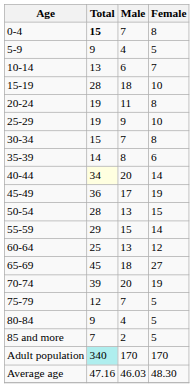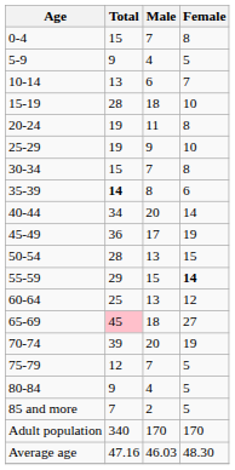 <table class="wikitable sortable mw-collapsible mw-collapsed">
 <tr>
 <th>Age</th>
 <th>Total</th>
 <th>Male</th>
 <th>Female</th>
 </tr>
 <tr>
 <td>0-4</td>
-<td><strong>15</strong></td>
+<td>15</td>
 <td>7</td>
 <td>8</td>
 </tr>
 <tr>
 <td>5-9</td>
 <td>9</td>
 <td>4</td>
 <td>5</td>
 </tr>
 <tr>
 <td>10-14</td>
 <td>13</td>
 <td>6</td>
 <td>7</td>
 </tr>
 <tr>
 <td>15-19</td>
 <td>28</td>
 <td>18</td>
 <td>10</td>
 </tr>
 <tr>
 <td>20-24</td>
 <td>19</td>
 <td>11</td>
 <td>8</td>
 </tr>
 <tr>
 <td>25-29</td>
 <td>19</td>
 <td>9</td>
 <td>10</td>
 </tr>
 <tr>
 <td>30-34</td>
 <td>15</td>
 <td>7</td>
 <td>8</td>
 </tr>
 <tr>
 <td>35-39</td>
-<td>14</td>
+<td><strong>14</strong></td>
 <td>8</td>
 <td>6</td>
 </tr>
 <tr>
 <td>40-44</td>
-<td style="background: lightyellow;">34</td>
+<td>34</td>
 <td>20</td>
 <td>14</td>
 </tr>
 <tr>
 <td>45-49</td>
 <td>36</td>
 <td>17</td>
 <td>19</td>
 </tr>
 <tr>
 <td>50-54</td>
 <td>28</td>
 <td>13</td>
 <td>15</td>
 </tr>
 <tr>
 <td>55-59</td>
 <td>29</td>
 <td>15</td>
-<td>14</td>
+<td><strong>14</strong></td>
 </tr>
 <tr>
 <td>60-64</td>
 <td>25</td>
 <td>13</td>
 <td>12</td>
 </tr>
 <tr>
 <td>65-69</td>
-<td>45</td>
+<td style="background: pink;">45</td>
 <td>18</td>
 <td>27</td>
 </tr>
 <tr>
 <td>70-74</td>
 <td>39</td>
 <td>20</td>
 <td>19</td>
 </tr>
 <tr>
 <td>75-79</td>
 <td>12</td>
 <td>7</td>
 <td>5</td>
 </tr>
 <tr>
 <td>80-84</td>
 <td>9</td>
 <td>4</td>
 <td>5</td>
 </tr>
 <tr>
 <td>85 and more</td>
 <td>7</td>
 <td>2</td>
 <td>5</td>
 </tr>
 <tr>
 <td>Adult population</td>
-<td style="background: paleturquoise;">340</td>
+<td>340</td>
 <td>170</td>
 <td>170</td>
 </tr>
 <tr>
 <td>Average age</td>
 <td>47.16</td>
 <td>46.03</td>
 <td>48.30</td>
 </tr>
 <tr>
 </tr>
 </table>
